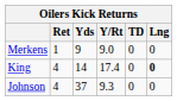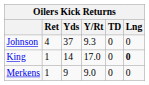 <table class="wikitable">
 <tr>
 <th colspan="6">Oilers Kick Returns</th>
 </tr>
 <tr>
 <th></th>
 <th>Ret</th>
 <th>Yds</th>
 <th>Y/Rt</th>
 <th>TD</th>
 <th>Lng</th>
 </tr>
 <tr>
+<td><a href='#'>Johnson</a></td>
+<td>4</td>
+<td>37</td>
+<td>9.3</td>
+<td>0</td>
+<td>0</td>
+</tr>
+<tr>
+<td><a href='#'>King</a></td>
+<td>1</td>
+<td>14</td>
+<td>17.0</td>
+<td>0</td>
+<td><strong>0</strong></td>
+</tr>
+<tr>
 <td><a href='#'>Merkens</a></td>
 <td>1</td>
 <td>9</td>
 <td>9.0</td>
 <td>0</td>
 <td>0</td>
 </tr>
-<tr>
-<td><a href='#'>King</a></td>
-<td>4</td>
-<td>14</td>
-<td>17.4</td>
-<td>0</td>
-<td><strong>0</strong></td>
-</tr>
-<tr>
-<td><a href='#'>Johnson</a></td>
-<td>4</td>
-<td>37</td>
-<td>9.3</td>
-<td>0</td>
-<td>0</td>
-</tr>
 </table>
